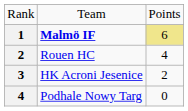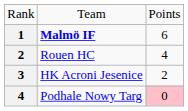 <table class="wikitable" style="text-align: center;">
 <tr>
 <td>Rank</td>
 <td>Team</td>
 <td>Points</td>
 </tr>
 <tr>
 <th>1</th>
 <td style="text-align: left;"> <strong><a href='#'>Malmö IF</a></strong></td>
-<td style="background: khaki;">6</td>
+<td>6</td>
 </tr>
 <tr>
 <th>2</th>
 <td style="text-align: left;"> <a href='#'>Rouen HC</a></td>
 <td>4</td>
 </tr>
 <tr>
 <th>3</th>
 <td style="text-align: left;"> <a href='#'>HK Acroni Jesenice</a></td>
 <td>2</td>
 </tr>
 <tr>
 <th>4</th>
 <td style="text-align: left;"> <a href='#'>Podhale Nowy Targ</a></td>
-<td>0</td>
+<td style="background: pink;">0</td>
 </tr>
 </table>
